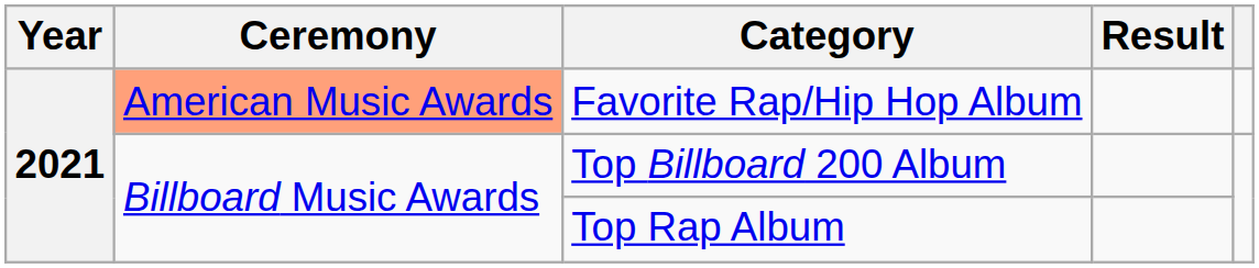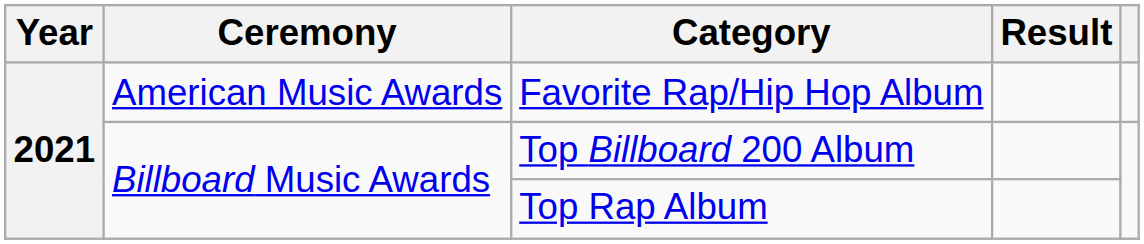 <table class="wikitable sortable plainrowheaders" style="border:none; margin:0;">
 <tr>
 <th scope="col">Year</th>
 <th scope="col">Ceremony</th>
 <th scope="col">Category</th>
 <th scope="col">Result</th>
 <th scope="col" class="unsortable"></th>
 </tr>
 <tr>
 <th scope="row" rowspan="3">2021</th>
-<td style="background: lightsalmon;"><a href='#'>American Music Awards</a></td>
+<td><a href='#'>American Music Awards</a></td>
 <td><a href='#'>Favorite Rap/Hip Hop Album</a></td>
 <td></td>
 <td></td>
 </tr>
 <tr>
 <td rowspan="2"><a href='#'><em>Billboard</em> Music Awards</a></td>
 <td><a href='#'>Top <em>Billboard</em> 200 Album</a></td>
 <td></td>
 <td rowspan="2"></td>
 </tr>
 <tr>
 <td><a href='#'>Top Rap Album</a></td>
 <td></td>
 </tr>
 </table>
